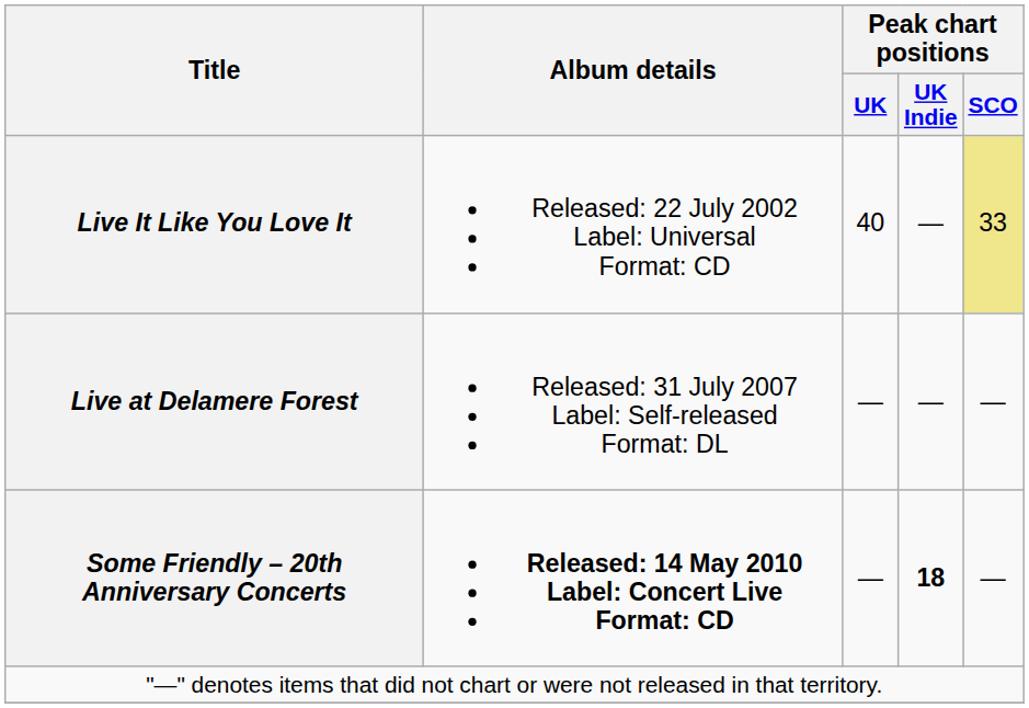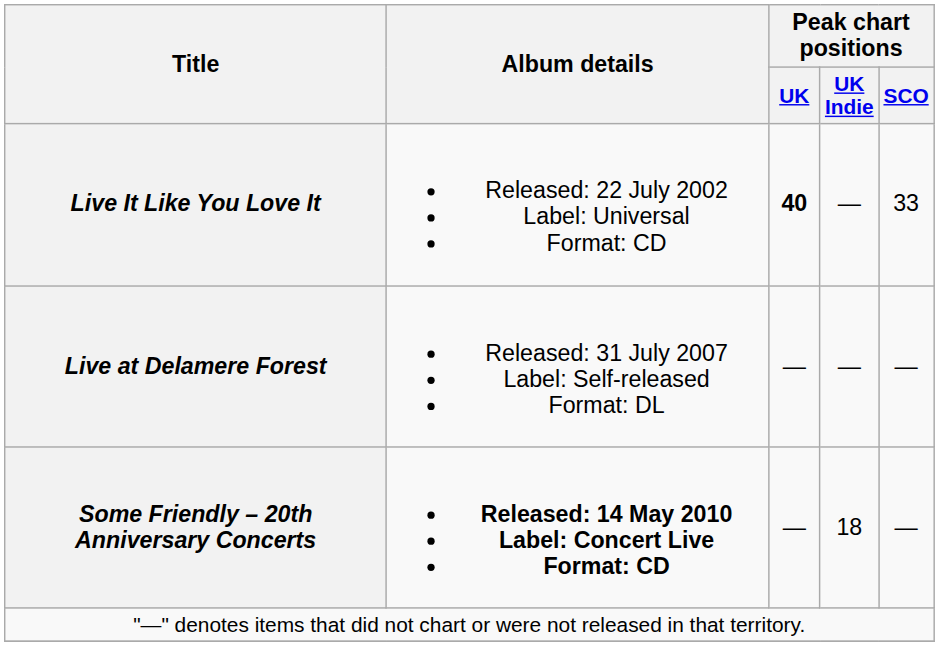 <table class="wikitable plainrowheaders" style="text-align:center;">
 <tr>
 <th scope="col" rowspan="2" style="width:16em;">Title</th>
 <th scope="col" rowspan="2" style="width:16em;">Album details</th>
 <th scope="col" colspan="3">Peak chart<br>positions</th>
 </tr>
 <tr>
 <th style="width:2em;font-size:90%;"><a href='#'>UK</a><br></th>
 <th style="width:2em;font-size:90%;"><a href='#'>UK<br>Indie</a><br></th>
 <th style="width:2em;font-size:90%;"><a href='#'>SCO</a><br></th>
 </tr>
 <tr>
 <th scope="row"><em>Live It Like You Love It</em></th>
 <td><br><ul><li>Released: 22 July 2002</li><li>Label: Universal</li><li>Format: CD</li></ul></td>
-<td>40</td>
+<td><strong>40</strong></td>
 <td>—</td>
-<td style="background: khaki;">33</td>
+<td>33</td>
 </tr>
 <tr>
 <th scope="row"><em>Live at Delamere Forest</em></th>
 <td><br><ul><li>Released: 31 July 2007</li><li>Label: Self-released</li><li>Format: DL</li></ul></td>
 <td>—</td>
 <td>—</td>
 <td>—</td>
 </tr>
 <tr>
 <th scope="row"><em>Some Friendly – 20th Anniversary Concerts</em></th>
 <td><strong><br><ul><li>Released: 14 May 2010</li><li>Label: Concert Live</li><li>Format: CD</li></ul></strong></td>
 <td>—</td>
-<td><strong>18</strong></td>
+<td>18</td>
 <td>—</td>
 </tr>
 <tr>
 <td align="center" colspan="15" style="font-size:90%">"—" denotes items that did not chart or were not released in that territory.</td>
 </tr>
 <tr>
 </tr>
 </table>
